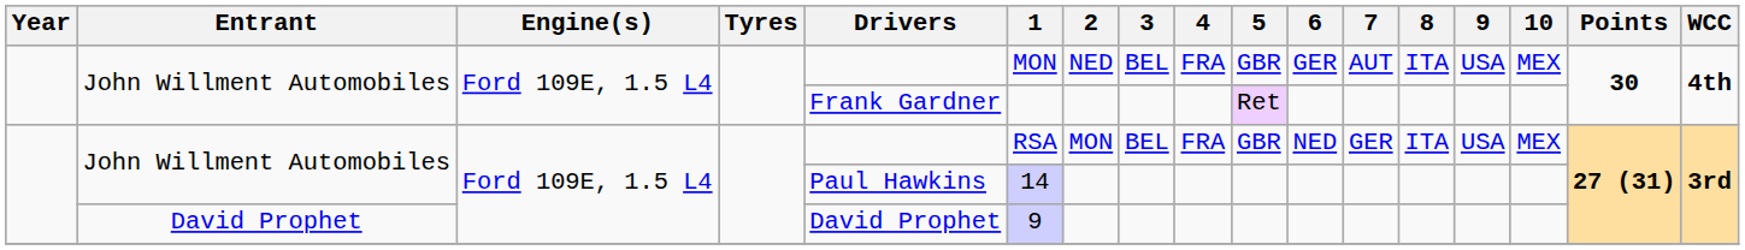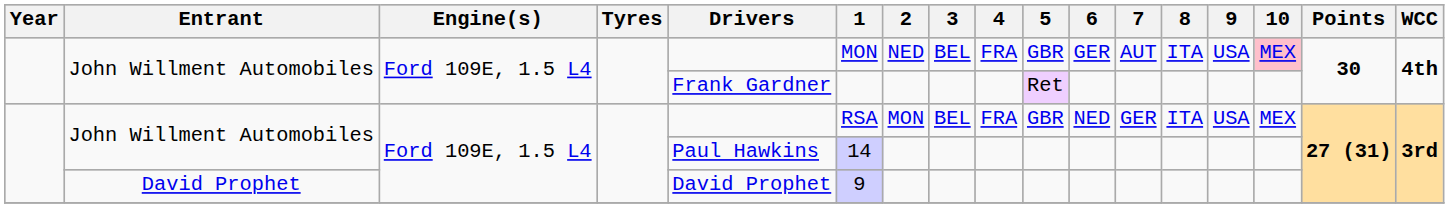 <table class="wikitable" style="text-align:center; font-size:95%">
 <tr>
 <th>Year</th>
 <th>Entrant</th>
 <th>Engine(s)</th>
 <th>Tyres</th>
 <th>Drivers</th>
 <th>1</th>
 <th>2</th>
 <th>3</th>
 <th>4</th>
 <th>5</th>
 <th>6</th>
 <th>7</th>
 <th>8</th>
 <th>9</th>
 <th>10</th>
 <th>Points</th>
 <th>WCC</th>
 </tr>
 <tr>
 <td rowspan="2"></td>
 <td rowspan="2">John Willment Automobiles</td>
 <td rowspan="2"><a href='#'>Ford</a> 109E, 1.5 <a href='#'>L4</a></td>
 <td rowspan="2"></td>
 <td></td>
 <td><a href='#'>MON</a></td>
 <td><a href='#'>NED</a></td>
 <td><a href='#'>BEL</a></td>
 <td><a href='#'>FRA</a></td>
 <td><a href='#'>GBR</a></td>
 <td><a href='#'>GER</a></td>
 <td><a href='#'>AUT</a></td>
 <td><a href='#'>ITA</a></td>
 <td><a href='#'>USA</a></td>
-<td><a href='#'>MEX</a></td>
+<td style="background: pink;"><a href='#'>MEX</a></td>
 <td rowspan="2"><strong>30</strong></td>
 <td rowspan="2"><strong>4th</strong></td>
 </tr>
 <tr>
 <td align="left"><a href='#'>Frank Gardner</a></td>
 <td></td>
 <td></td>
 <td></td>
 <td></td>
 <td style="background:#EFCFFF;">Ret</td>
 <td></td>
 <td></td>
 <td></td>
 <td></td>
 <td></td>
 </tr>
 <tr>
 <td rowspan="3"></td>
 <td rowspan="2">John Willment Automobiles</td>
 <td rowspan="3"><a href='#'>Ford</a> 109E, 1.5 <a href='#'>L4</a></td>
 <td rowspan="3"></td>
 <td></td>
 <td><a href='#'>RSA</a></td>
 <td><a href='#'>MON</a></td>
 <td><a href='#'>BEL</a></td>
 <td><a href='#'>FRA</a></td>
 <td><a href='#'>GBR</a></td>
 <td><a href='#'>NED</a></td>
 <td><a href='#'>GER</a></td>
 <td><a href='#'>ITA</a></td>
 <td><a href='#'>USA</a></td>
 <td><a href='#'>MEX</a></td>
 <td rowspan="3" style="background:#ffdf9f;"><strong>27 (31)</strong></td>
 <td rowspan="3" style="background:#ffdf9f;"><strong>3rd</strong></td>
 </tr>
 <tr>
 <td align="left"><a href='#'>Paul Hawkins</a></td>
 <td style="background:#CFCFFF;">14</td>
 <td></td>
 <td></td>
 <td></td>
 <td></td>
 <td></td>
 <td></td>
 <td></td>
 <td></td>
 <td></td>
 </tr>
 <tr>
 <td><a href='#'>David Prophet</a></td>
 <td align="left"><a href='#'>David Prophet</a></td>
 <td style="background:#CFCFFF;">9</td>
 <td></td>
 <td></td>
 <td></td>
 <td></td>
 <td></td>
 <td></td>
 <td></td>
 <td></td>
 <td></td>
 </tr>
 <tr>
 </tr>
 </table>
